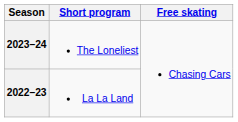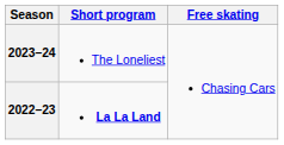 <table class=wikitable style=text-align:center>
 <tr>
 <th>Season</th>
 <th><a href='#'>Short program</a></th>
 <th><a href='#'>Free skating</a></th>
 </tr>
 <tr>
 <th>2023–24 <br> </th>
 <td><br><ul><li><a href='#'>The Loneliest</a> <br> </li></ul></td>
 <td rowspan=2><br><ul><li><a href='#'>Chasing Cars</a> <br></li></ul></td>
 </tr>
 <tr>
 <th>2022–23 <br> </th>
-<td><br><ul><li><a href='#'>La La Land</a> <br></li></ul></td>
+<td><strong><br><ul><li><a href='#'>La La Land</a> <br></li></ul></strong></td>
 </tr>
 </table>
